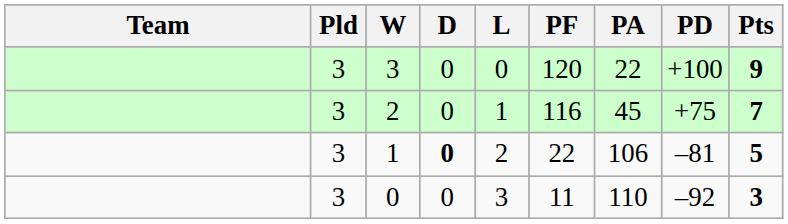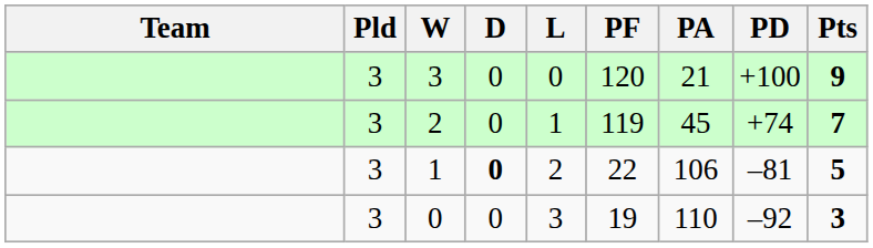 <table class="wikitable" style="text-align:center;">
 <tr>
 <th width=175>Team</th>
 <th width=25 abbr="Played">Pld</th>
 <th width=25 abbr="Won">W</th>
 <th width=25 abbr="Drawn">D</th>
 <th width=25 abbr="Lost">L</th>
 <th width=32 abbr="Points for">PF</th>
 <th width=32 abbr="Points against">PA</th>
 <th width=32 abbr="Points difference">PD</th>
 <th width=25 abbr="Points">Pts</th>
 </tr>
 <tr bgcolor=ccffcc>
 <td align=left></td>
 <td>3</td>
 <td>3</td>
 <td>0</td>
 <td>0</td>
 <td>120</td>
-<td>22</td>
+<td>21</td>
 <td>+100</td>
 <td><strong>9</strong></td>
 </tr>
 <tr bgcolor=ccffcc>
 <td align=left></td>
 <td>3</td>
 <td>2</td>
 <td>0</td>
 <td>1</td>
-<td>116</td>
+<td>119</td>
 <td>45</td>
-<td>+75</td>
+<td>+74</td>
 <td><strong>7</strong></td>
 </tr>
 <tr>
 <td align=left></td>
 <td>3</td>
 <td>1</td>
 <td><strong>0</strong></td>
 <td>2</td>
 <td>22</td>
 <td>106</td>
 <td>–81</td>
 <td><strong>5</strong></td>
 </tr>
 <tr>
 <td align=left></td>
 <td>3</td>
 <td>0</td>
 <td>0</td>
 <td>3</td>
-<td>11</td>
+<td>19</td>
 <td>110</td>
 <td>–92</td>
 <td><strong>3</strong></td>
 </tr>
 </table>
